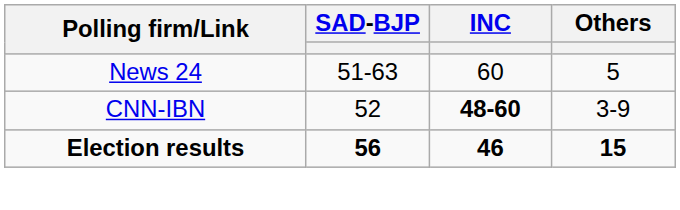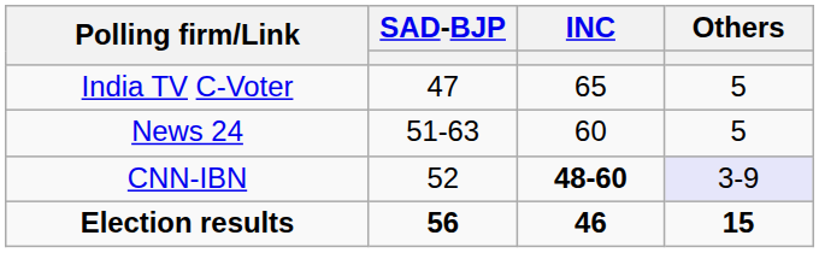 <table class="wikitable collapsible" style="text-align:center">
 <tr style="background-color:#E9E9E9">
 <th style="width:195px;" rowspan="2">Polling firm/Link</th>
 <th style="width:75px;"><a href='#'>SAD</a>-<a href='#'>BJP</a></th>
 <th style="width:75px;"><a href='#'>INC</a></th>
 <th style="width:75px;">Others</th>
 </tr>
 <tr>
 <th style="background:"></th>
 <th style="background:"></th>
 <th style="background:"></th>
 </tr>
 <tr>
+<td><a href='#'>India TV</a> <a href='#'>C-Voter</a></td>
+<td>47</td>
+<td>65</td>
+<td>5</td>
+</tr>
+<tr>
 <td><a href='#'>News 24</a></td>
 <td>51-63</td>
 <td>60</td>
 <td>5</td>
 </tr>
 <tr>
 <td><a href='#'>CNN-IBN</a></td>
 <td>52</td>
 <td><strong>48-60</strong></td>
-<td>3-9</td>
+<td style="background: lavender;">3-9</td>
 </tr>
 <tr>
 <td style="background:"><strong>Election results</strong></td>
 <td style="background:"><strong>56</strong></td>
 <td style="background:"><strong>46</strong></td>
 <td style="background:"><strong>15</strong></td>
 </tr>
 </table>
